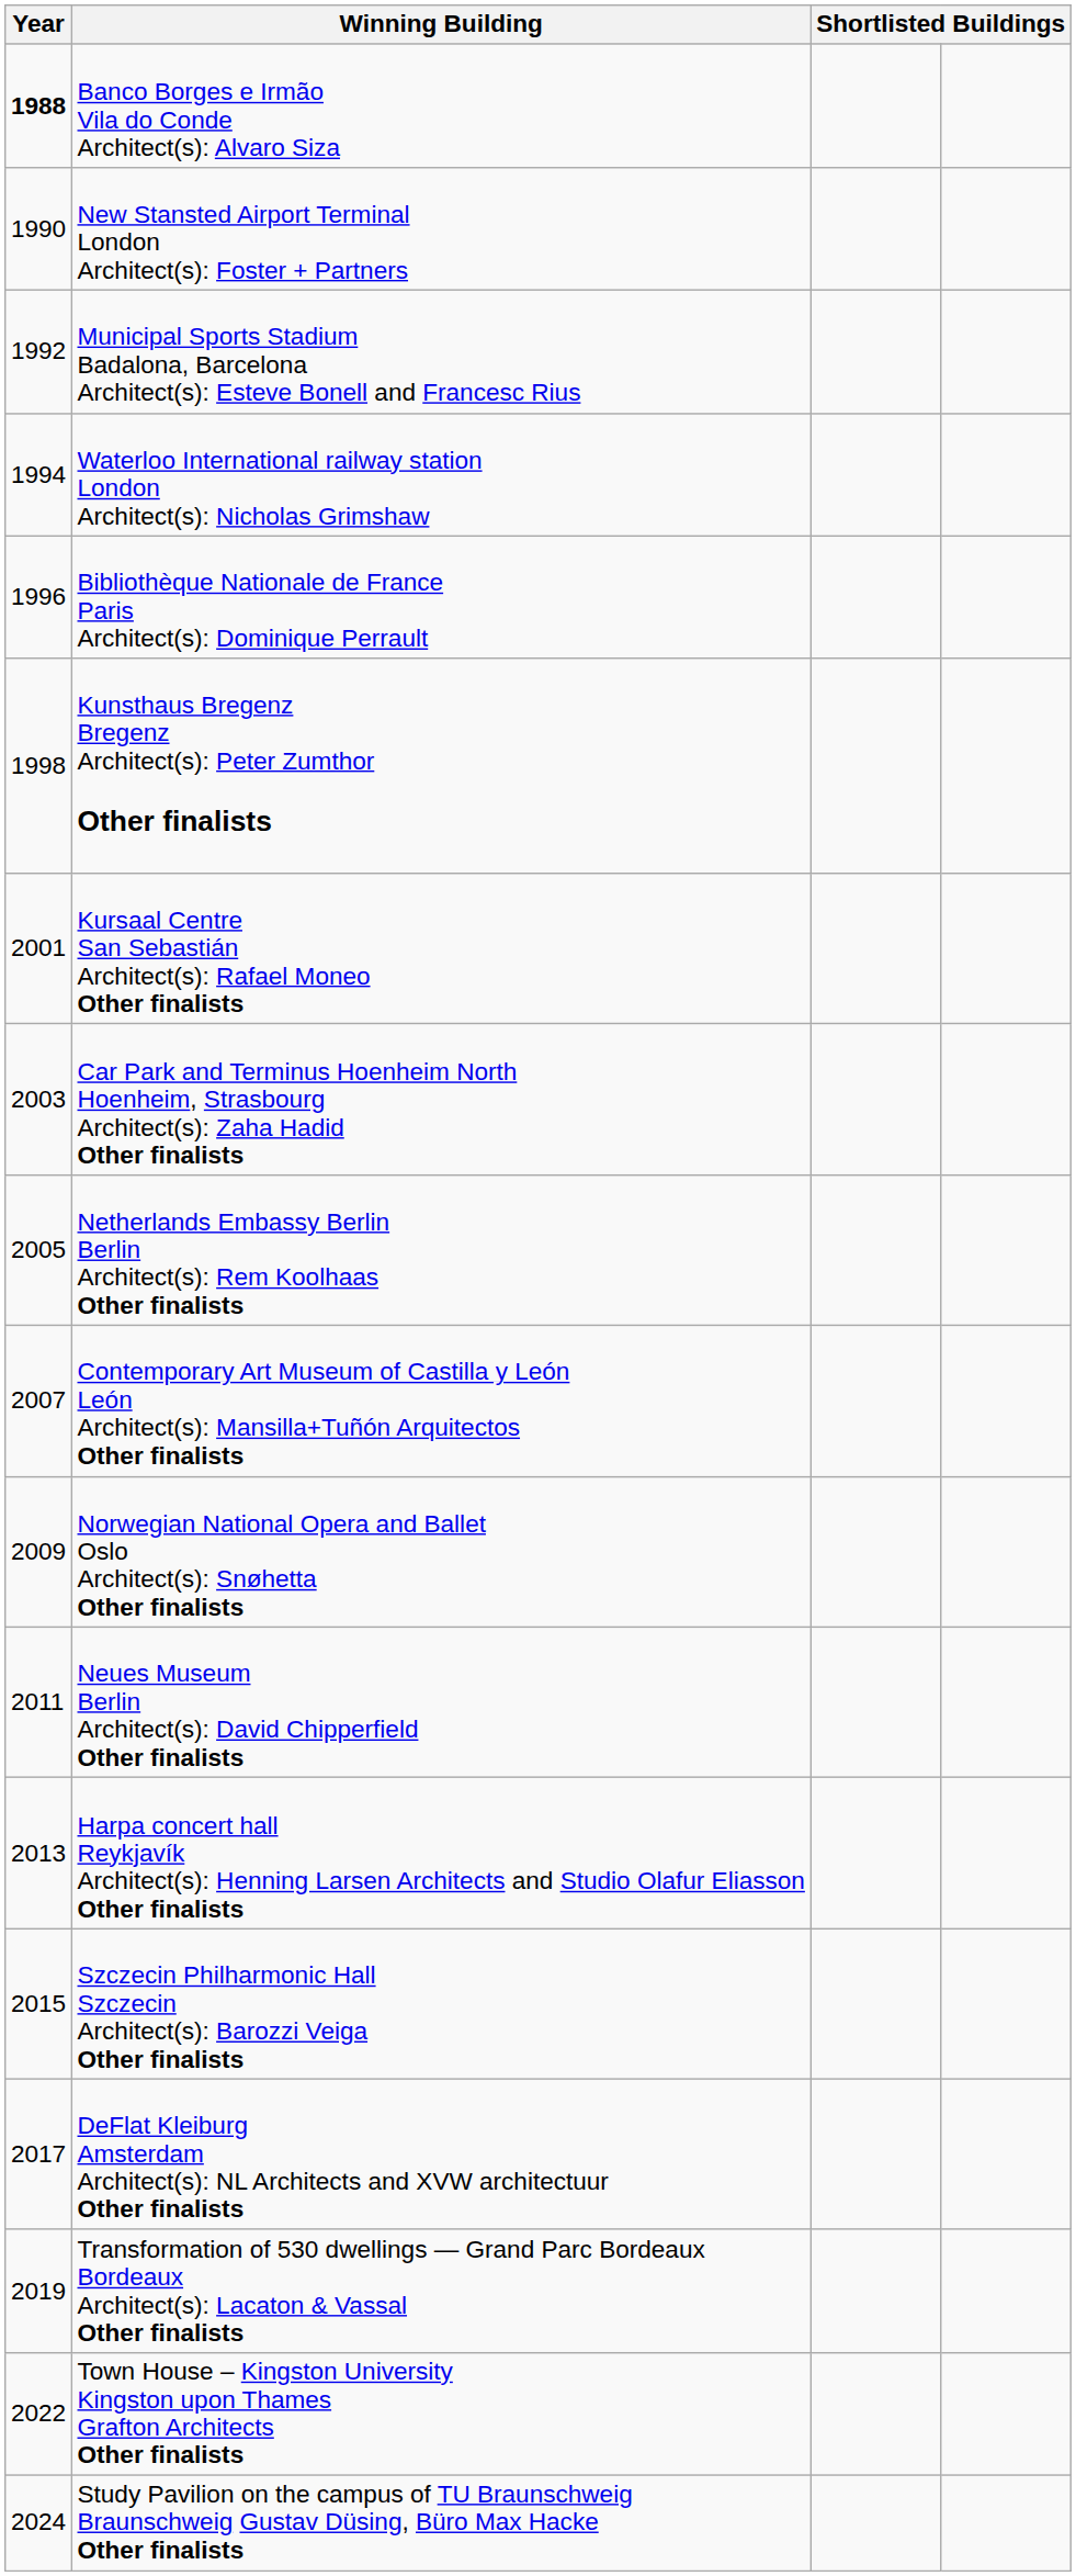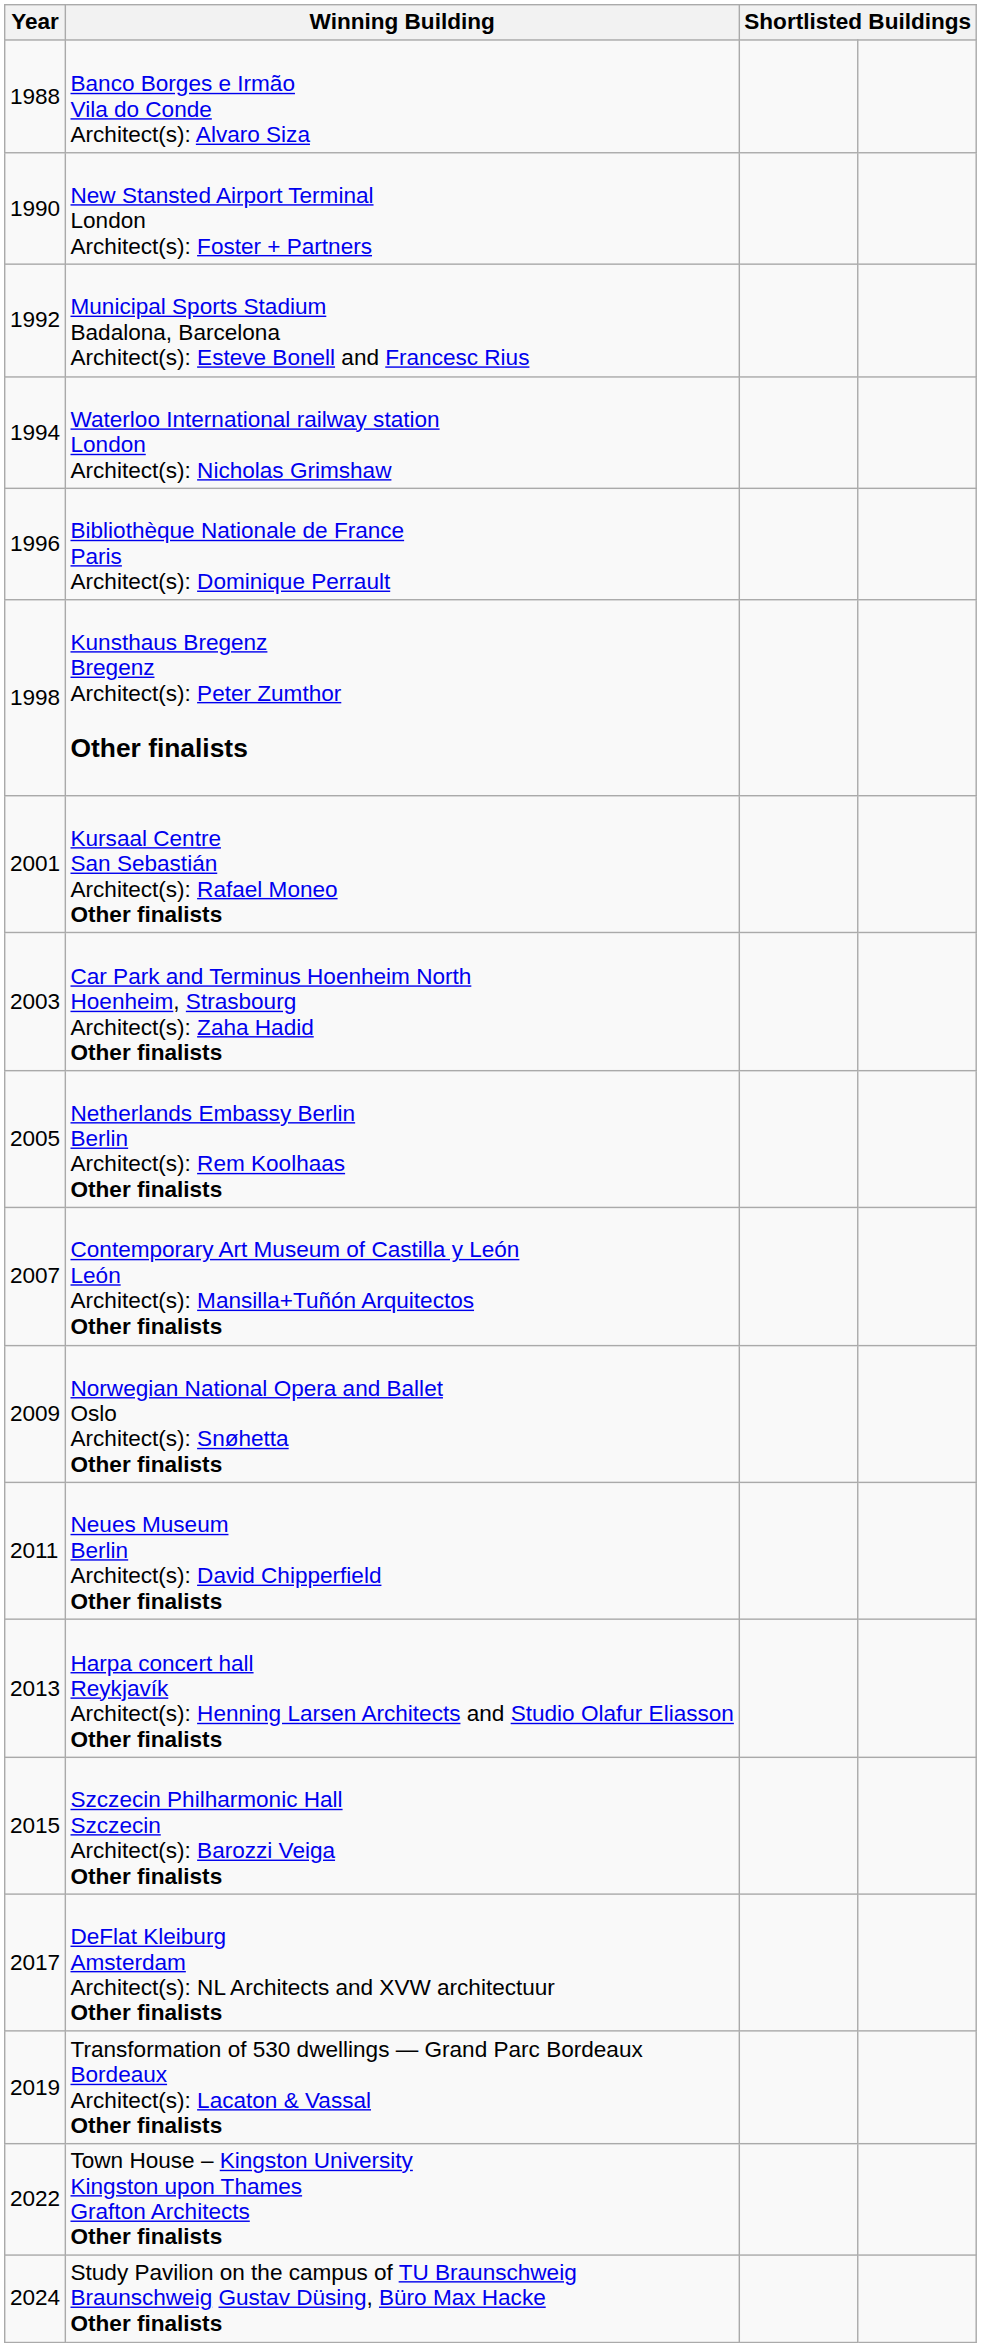 <table class="wikitable sortable">
 <tr>
 <th>Year</th>
 <th>Winning Building</th>
 <th colspan="2" class="unsortable">Shortlisted Buildings</th>
 </tr>
 <tr>
-<td><strong>1988</strong></td>
+<td>1988</td>
 <td><br><a href='#'>Banco Borges e Irmão</a><br> <a href='#'>Vila do Conde</a><br>Architect(s): <a href='#'>Alvaro Siza</a></td>
 <td></td>
 <td></td>
 </tr>
 <tr>
 <td>1990</td>
 <td><br><a href='#'>New Stansted Airport Terminal</a><br> London<br>Architect(s): <a href='#'>Foster + Partners</a></td>
 <td></td>
 <td></td>
 </tr>
 <tr>
 <td>1992</td>
 <td><br><a href='#'>Municipal Sports Stadium</a><br> Badalona, Barcelona<br>Architect(s): <a href='#'>Esteve Bonell</a> and <a href='#'>Francesc Rius</a></td>
 <td></td>
 <td></td>
 </tr>
 <tr>
 <td>1994</td>
 <td><br><a href='#'>Waterloo International railway station</a><br> <a href='#'>London</a><br>Architect(s): <a href='#'>Nicholas Grimshaw</a></td>
 <td></td>
 <td></td>
 </tr>
 <tr>
 <td>1996</td>
 <td><br><a href='#'>Bibliothèque Nationale de France</a><br> <a href='#'>Paris</a><br>Architect(s): <a href='#'>Dominique Perrault</a></td>
 <td></td>
 <td></td>
 </tr>
 <tr>
 <td>1998</td>
 <td><br><a href='#'>Kunsthaus Bregenz</a><br> <a href='#'>Bregenz</a><br>Architect(s): <a href='#'>Peter Zumthor</a><h3>Other finalists</h3></td>
 <td></td>
 <td></td>
 </tr>
 <tr>
 <td>2001</td>
 <td><br><a href='#'>Kursaal Centre</a><br> <a href='#'>San Sebastián</a><br>Architect(s): <a href='#'>Rafael Moneo</a><br><strong>Other finalists</strong></td>
 <td></td>
 <td></td>
 </tr>
 <tr>
 <td>2003</td>
 <td><br><a href='#'>Car Park and Terminus Hoenheim North</a><br> <a href='#'>Hoenheim</a>, <a href='#'>Strasbourg</a><br>Architect(s): <a href='#'>Zaha Hadid</a><br><strong>Other finalists</strong></td>
 <td></td>
 <td></td>
 </tr>
 <tr>
 <td>2005</td>
 <td><br><a href='#'>Netherlands Embassy Berlin</a><br> <a href='#'>Berlin</a><br>Architect(s): <a href='#'>Rem Koolhaas</a><br><strong>Other finalists</strong></td>
 <td></td>
 <td></td>
 </tr>
 <tr>
 <td>2007</td>
 <td><br><a href='#'>Contemporary Art Museum of Castilla y León</a><br> <a href='#'>León</a><br>Architect(s): <a href='#'>Mansilla+Tuñón Arquitectos</a><br><strong>Other finalists</strong></td>
 <td></td>
 <td></td>
 </tr>
 <tr>
 <td>2009</td>
 <td><br><a href='#'>Norwegian National Opera and Ballet</a><br> Oslo<br>Architect(s): <a href='#'>Snøhetta</a><br><strong>Other finalists</strong></td>
 <td></td>
 <td></td>
 </tr>
 <tr>
 <td>2011</td>
 <td><br><a href='#'>Neues Museum</a><br> <a href='#'>Berlin</a><br>Architect(s): <a href='#'>David Chipperfield</a><br><strong>Other finalists</strong></td>
 <td></td>
 <td></td>
 </tr>
 <tr>
 <td>2013</td>
 <td><br><a href='#'>Harpa concert hall</a><br> <a href='#'>Reykjavík</a><br>Architect(s): <a href='#'>Henning Larsen Architects</a> and <a href='#'>Studio Olafur Eliasson</a><br><strong>Other finalists</strong></td>
 <td></td>
 <td></td>
 </tr>
 <tr>
 <td>2015</td>
 <td><br><a href='#'>Szczecin Philharmonic Hall</a><br> <a href='#'>Szczecin</a><br>Architect(s): <a href='#'>Barozzi Veiga</a><br><strong>Other finalists</strong></td>
 <td></td>
 <td></td>
 </tr>
 <tr>
 <td>2017</td>
 <td><br><a href='#'>DeFlat Kleiburg</a><br> <a href='#'>Amsterdam</a><br>Architect(s): NL Architects and XVW architectuur<br><strong>Other finalists</strong></td>
 <td></td>
 <td></td>
 </tr>
 <tr>
 <td>2019</td>
 <td>Transformation of 530 dwellings — Grand Parc Bordeaux<br> <a href='#'>Bordeaux</a><br>Architect(s): <a href='#'>Lacaton & Vassal</a><br><strong>Other finalists</strong></td>
 <td></td>
 <td></td>
 </tr>
 <tr>
 <td>2022</td>
 <td>Town House – <a href='#'>Kingston University</a><br> <a href='#'>Kingston upon Thames</a><br><a href='#'>Grafton Architects</a><br><strong>Other finalists</strong></td>
 <td></td>
 <td></td>
 </tr>
 <tr>
 <td>2024</td>
 <td>Study Pavilion on the campus of <a href='#'>TU Braunschweig</a><br><a href='#'>Braunschweig</a> <a href='#'>Gustav Düsing</a>, <a href='#'>Büro Max Hacke</a><br><strong>Other finalists</strong></td>
 <td><br></td>
 <td><br></td>
 </tr>
 </table>
